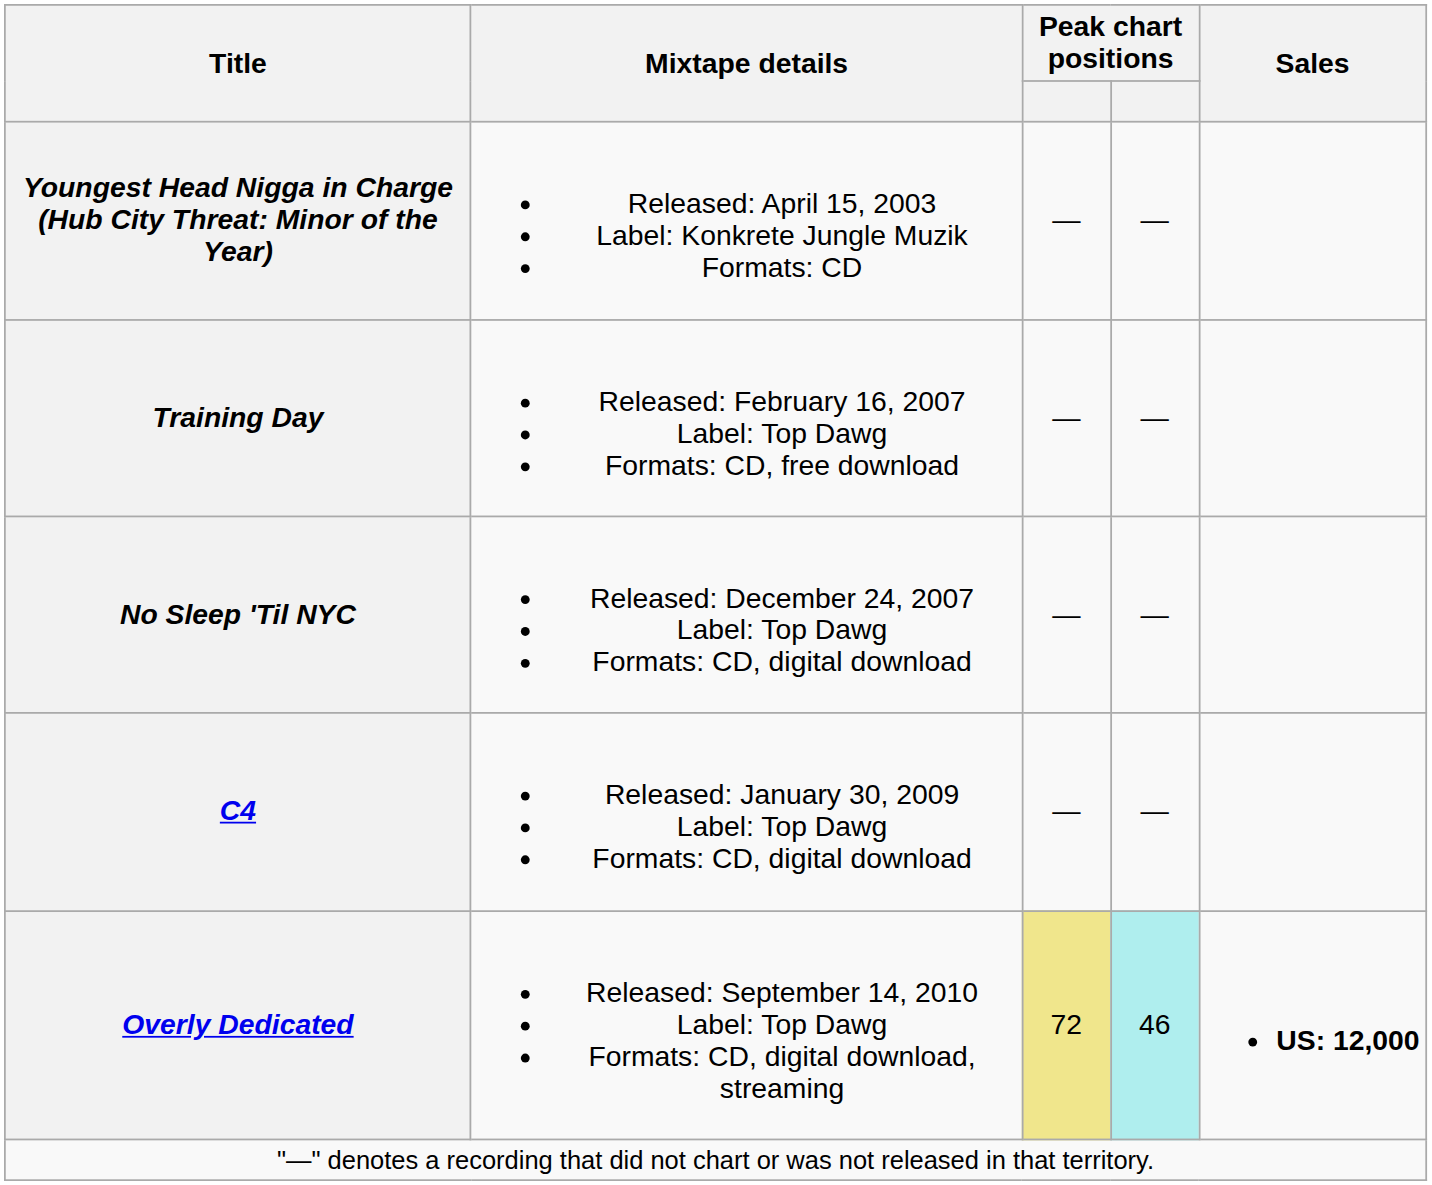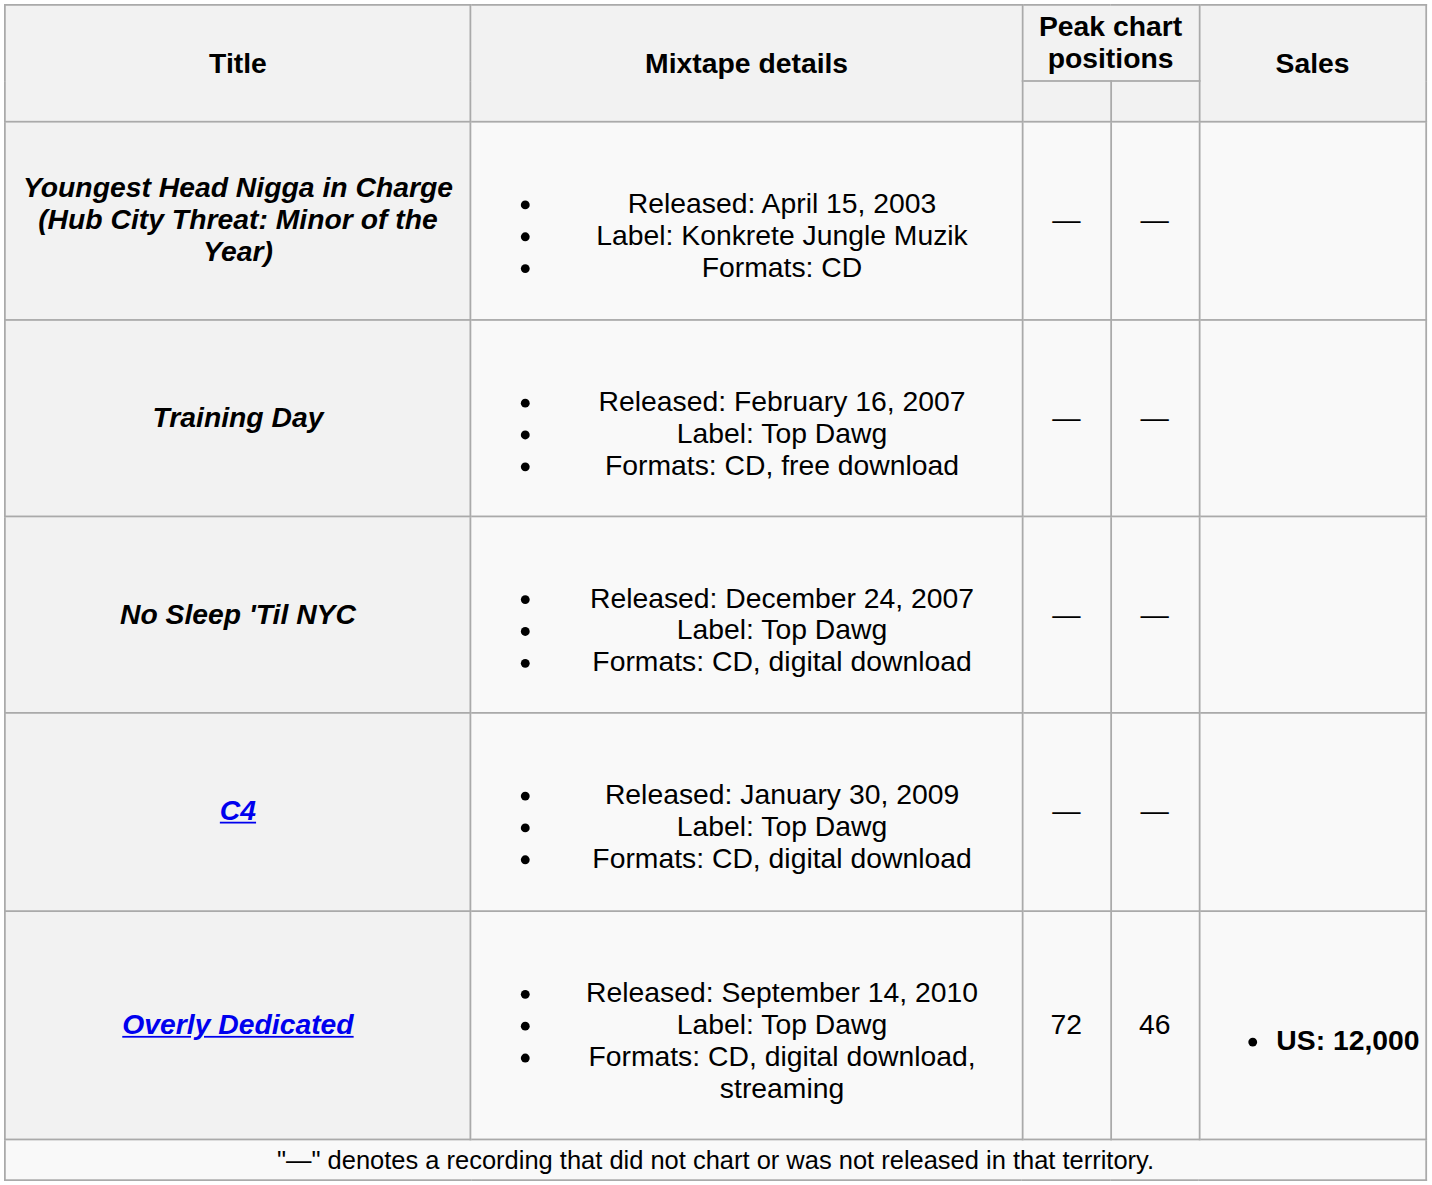 <table class="wikitable plainrowheaders" style="text-align:center;">
 <tr>
 <th scope="col" rowspan="2" style="width:16em;">Title</th>
 <th scope="col" rowspan="2" style="width:19em;">Mixtape details</th>
 <th scope="col" colspan="2">Peak chart positions</th>
 <th scope="col" rowspan="2">Sales</th>
 </tr>
 <tr>
 <th scope="col" style="width:3em;font-size:90%;"><a href='#'></a><br></th>
 <th scope="col" style="width:3em;font-size:90%;"><a href='#'></a><br></th>
 </tr>
 <tr>
 <th scope="row"><em>Youngest Head Nigga in Charge (Hub City Threat: Minor of the Year)</em><br></th>
 <td><br><ul><li>Released: April 15, 2003</li><li>Label: Konkrete Jungle Muzik</li><li>Formats: CD</li></ul></td>
 <td>—</td>
 <td>—</td>
 <td></td>
 </tr>
 <tr>
 <th scope="row"><em>Training Day</em><br></th>
 <td><br><ul><li>Released: February 16, 2007</li><li>Label: Top Dawg</li><li>Formats: CD, free download</li></ul></td>
 <td>—</td>
 <td>—</td>
 <td></td>
 </tr>
 <tr>
 <th scope="row"><em>No Sleep 'Til NYC</em><br></th>
 <td><br><ul><li>Released: December 24, 2007</li><li>Label: Top Dawg</li><li>Formats: CD, digital download</li></ul></td>
 <td>—</td>
 <td>—</td>
 <td></td>
 </tr>
 <tr>
 <th scope="row"><em><a href='#'>C4</a></em><br></th>
 <td><br><ul><li>Released: January 30, 2009</li><li>Label: Top Dawg</li><li>Formats: CD, digital download</li></ul></td>
 <td>—</td>
 <td>—</td>
 <td></td>
 </tr>
 <tr>
 <th scope="row"><em><a href='#'>Overly Dedicated</a></em></th>
 <td><br><ul><li>Released: September 14, 2010</li><li>Label: Top Dawg</li><li>Formats: CD, digital download, streaming</li></ul></td>
-<td style="background: khaki;">72</td>
-<td style="background: paleturquoise;">46</td>
+<td>72</td>
+<td>46</td>
 <td><strong><br><ul><li>US: 12,000</li></ul></strong></td>
 </tr>
 <tr>
 <td colspan="6" style="font-size:90%">"—" denotes a recording that did not chart or was not released in that territory.</td>
 </tr>
 </table>
